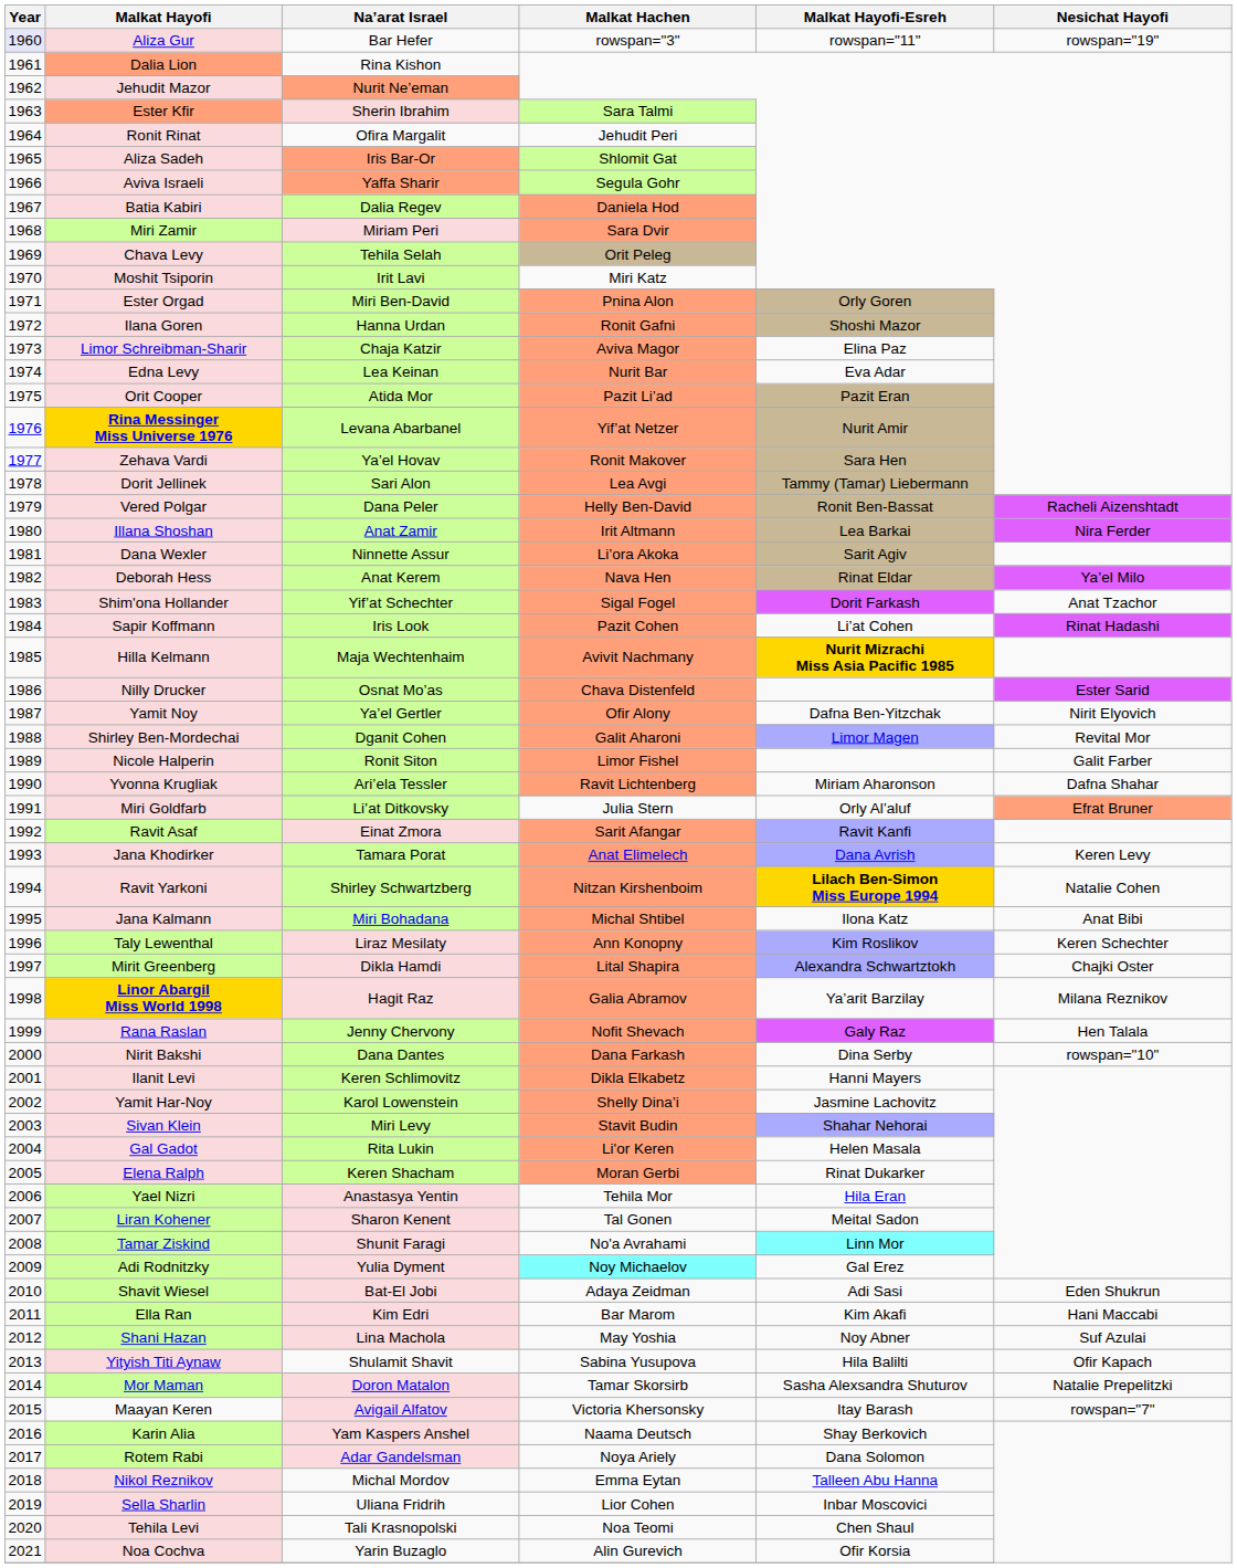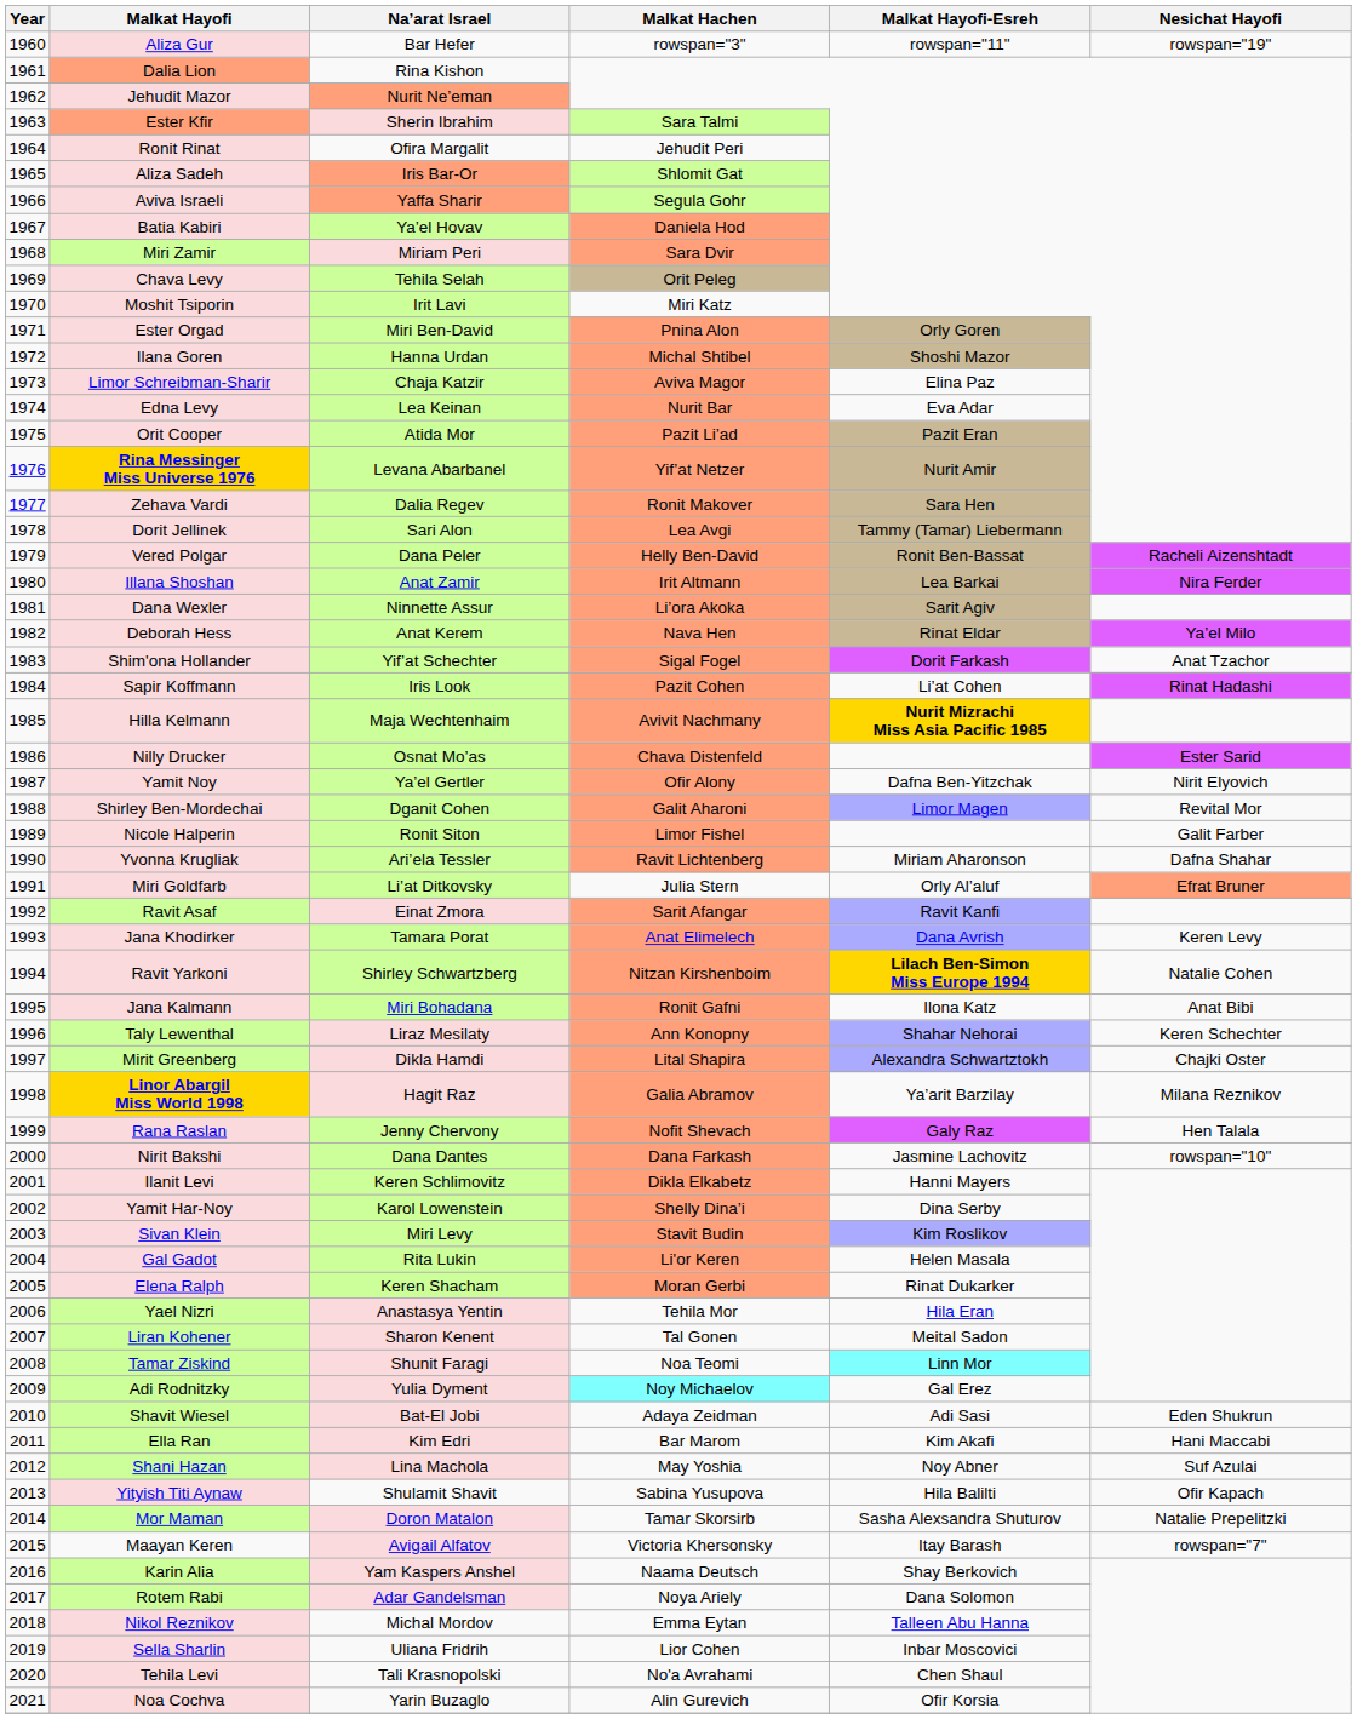 <table class="wikitable sortable" style="font-size:95%; text-align:center;">
 <tr>
 <th !width="60">Year</th>
 <th width="250">Malkat Hayofi</th>
 <th width="250">Na’arat Israel</th>
 <th width="250">Malkat Hachen</th>
 <th width="250">Malkat Hayofi-Esreh</th>
 <th width="250">Nesichat Hayofi</th>
 </tr>
 <tr>
-<td style="background: lavender;">1960</td>
+<td>1960</td>
 <td style="background:#fadadd;"><a href='#'>Aliza Gur</a></td>
 <td>Bar Hefer</td>
 <td>rowspan="3" </td>
 <td>rowspan="11" </td>
 <td>rowspan="19" </td>
 </tr>
 <tr>
 <td>1961</td>
 <td style="background:#FFA07A;">Dalia Lion</td>
 <td>Rina Kishon</td>
 </tr>
 <tr>
 <td>1962</td>
 <td style="background:#fadadd;">Jehudit Mazor</td>
 <td style="background:#FFA07A;">Nurit Ne’eman</td>
 </tr>
 <tr>
 <td>1963</td>
 <td style="background:#FFA07A;">Ester Kfir</td>
 <td style="background:#fadadd;">Sherin Ibrahim</td>
 <td style="background:#ccff99;">Sara Talmi</td>
 </tr>
 <tr>
 <td>1964</td>
 <td style="background:#fadadd;">Ronit Rinat</td>
 <td>Ofira Margalit</td>
 <td>Jehudit Peri</td>
 </tr>
 <tr>
 <td>1965</td>
 <td style="background:#fadadd;">Aliza Sadeh</td>
 <td style="background:#FFA07A;">Iris Bar-Or</td>
 <td style="background:#ccff99;">Shlomit Gat</td>
 </tr>
 <tr>
 <td>1966</td>
 <td style="background:#fadadd;">Aviva Israeli</td>
 <td style="background:#FFA07A;">Yaffa Sharir</td>
 <td style="background:#ccff99;">Segula Gohr</td>
 </tr>
 <tr>
 <td>1967</td>
 <td style="background:#fadadd;">Batia Kabiri</td>
-<td style="background:#ccff99;">Dalia Regev</td>
+<td style="background:#ccff99;">Ya’el Hovav</td>
 <td style="background:#FFA07A;">Daniela Hod</td>
 </tr>
 <tr>
 <td>1968</td>
 <td style="background:#ccff99;">Miri Zamir</td>
 <td style="background:#fadadd;">Miriam Peri</td>
 <td style="background:#FFA07A;">Sara Dvir</td>
 </tr>
 <tr>
 <td>1969</td>
 <td style="background:#fadadd;">Chava Levy</td>
 <td style="background:#ccff99;">Tehila Selah</td>
 <td style="background:#c8b896;">Orit Peleg</td>
 </tr>
 <tr>
 <td>1970</td>
 <td style="background:#fadadd;">Moshit Tsiporin</td>
 <td style="background:#ccff99;">Irit Lavi</td>
 <td>Miri Katz</td>
 </tr>
 <tr>
 <td>1971</td>
 <td style="background:#fadadd;">Ester Orgad</td>
 <td style="background:#ccff99;">Miri Ben-David</td>
 <td style="background:#FFA07A;">Pnina Alon</td>
 <td style="background:#c8b896;">Orly Goren</td>
 </tr>
 <tr>
 <td>1972</td>
 <td style="background:#fadadd;">Ilana Goren</td>
 <td style="background:#ccff99;">Hanna Urdan</td>
-<td style="background:#FFA07A;">Ronit Gafni</td>
+<td style="background:#FFA07A;">Michal Shtibel</td>
 <td style="background:#c8b896;">Shoshi Mazor</td>
 </tr>
 <tr>
 <td>1973</td>
 <td style="background:#fadadd;"><a href='#'>Limor Schreibman-Sharir</a></td>
 <td style="background:#ccff99;">Chaja Katzir</td>
 <td style="background:#FFA07A;">Aviva Magor</td>
 <td>Elina Paz</td>
 </tr>
 <tr>
 <td>1974</td>
 <td style="background:#fadadd;">Edna Levy</td>
 <td style="background:#ccff99;">Lea Keinan</td>
 <td style="background:#FFA07A;">Nurit Bar</td>
 <td>Eva Adar</td>
 </tr>
 <tr>
 <td>1975</td>
 <td style="background:#fadadd;">Orit Cooper</td>
 <td style="background:#ccff99;">Atida Mor</td>
 <td style="background:#FFA07A;">Pazit Li’ad</td>
 <td style="background:#c8b896;">Pazit Eran</td>
 </tr>
 <tr>
 <td><a href='#'>1976</a></td>
 <td style="background:GOLD;"><strong><a href='#'>Rina Messinger</a><br><a href='#'>Miss Universe 1976</a></strong></td>
 <td style="background:#ccff99;">Levana Abarbanel</td>
 <td style="background:#FFA07A;">Yif’at Netzer</td>
 <td style="background:#c8b896;">Nurit Amir</td>
 </tr>
 <tr>
 <td><a href='#'>1977</a></td>
 <td style="background:#fadadd;">Zehava Vardi</td>
-<td style="background:#ccff99;">Ya’el Hovav</td>
+<td style="background:#ccff99;">Dalia Regev</td>
 <td style="background:#FFA07A;">Ronit Makover</td>
 <td style="background:#c8b896;">Sara Hen</td>
 </tr>
 <tr>
 <td>1978</td>
 <td style="background:#fadadd;">Dorit Jellinek</td>
 <td style="background:#ccff99;">Sari Alon</td>
 <td style="background:#FFA07A;">Lea Avgi</td>
 <td style="background:#c8b896;">Tammy (Tamar) Liebermann</td>
 </tr>
 <tr>
 <td>1979</td>
 <td style="background:#fadadd;">Vered Polgar</td>
 <td style="background:#ccff99;">Dana Peler</td>
 <td style="background:#FFA07A;">Helly Ben-David</td>
 <td style="background:#c8b896;">Ronit Ben-Bassat</td>
 <td style="background:#df5fff;">Racheli Aizenshtadt</td>
 </tr>
 <tr>
 <td>1980</td>
 <td style="background:#fadadd;"><a href='#'>Illana Shoshan</a></td>
 <td style="background:#ccff99;"><a href='#'>Anat Zamir</a></td>
 <td style="background:#FFA07A;">Irit Altmann</td>
 <td style="background:#c8b896;">Lea Barkai</td>
 <td style="background:#df5fff;">Nira Ferder</td>
 </tr>
 <tr>
 <td>1981</td>
 <td style="background:#fadadd;">Dana Wexler</td>
 <td style="background:#ccff99;">Ninnette Assur</td>
 <td style="background:#FFA07A;">Li’ora Akoka</td>
 <td style="background:#c8b896;">Sarit Agiv</td>
 <td></td>
 </tr>
 <tr>
 <td>1982</td>
 <td style="background:#fadadd;">Deborah Hess</td>
 <td style="background:#ccff99;">Anat Kerem</td>
 <td style="background:#FFA07A;">Nava Hen</td>
 <td style="background:#c8b896;">Rinat Eldar</td>
 <td style="background:#df5fff;">Ya’el Milo</td>
 </tr>
 <tr>
 <td>1983</td>
 <td style="background:#fadadd;">Shim'ona Hollander</td>
 <td style="background:#ccff99;">Yif’at Schechter</td>
 <td style="background:#FFA07A;">Sigal Fogel</td>
 <td style="background:#df5fff;">Dorit Farkash</td>
 <td>Anat Tzachor</td>
 </tr>
 <tr>
 <td>1984</td>
 <td style="background:#fadadd;">Sapir Koffmann</td>
 <td style="background:#ccff99;">Iris Look</td>
 <td style="background:#FFA07A;">Pazit Cohen</td>
 <td>Li’at Cohen</td>
 <td style="background:#df5fff;">Rinat Hadashi</td>
 </tr>
 <tr>
 <td>1985</td>
 <td style="background:#fadadd;">Hilla Kelmann</td>
 <td style="background:#ccff99;">Maja Wechtenhaim</td>
 <td style="background:#FFA07A;">Avivit Nachmany</td>
 <td style="background:GOLD;"><strong>Nurit Mizrachi<br>Miss Asia Pacific 1985</strong></td>
 <td></td>
 </tr>
 <tr>
 <td>1986</td>
 <td style="background:#fadadd;">Nilly Drucker</td>
 <td style="background:#ccff99;">Osnat Mo’as</td>
 <td style="background:#FFA07A;">Chava Distenfeld</td>
 <td></td>
 <td style="background:#df5fff;">Ester Sarid</td>
 </tr>
 <tr>
 <td>1987</td>
 <td style="background:#fadadd;">Yamit Noy</td>
 <td style="background:#ccff99;">Ya’el Gertler</td>
 <td style="background:#FFA07A;">Ofir Alony</td>
 <td>Dafna Ben-Yitzchak</td>
 <td>Nirit Elyovich</td>
 </tr>
 <tr>
 <td>1988</td>
 <td style="background:#fadadd;">Shirley Ben-Mordechai</td>
 <td style="background:#ccff99;">Dganit Cohen</td>
 <td style="background:#FFA07A;">Galit Aharoni</td>
 <td style="background:#AAAAFF;"><a href='#'>Limor Magen</a></td>
 <td>Revital Mor</td>
 </tr>
 <tr>
 <td>1989</td>
 <td style="background:#fadadd;">Nicole Halperin</td>
 <td style="background:#ccff99;">Ronit Siton</td>
 <td style="background:#FFA07A;">Limor Fishel</td>
 <td></td>
 <td>Galit Farber</td>
 </tr>
 <tr>
 <td>1990</td>
 <td style="background:#fadadd;">Yvonna Krugliak</td>
 <td style="background:#ccff99;">Ari’ela Tessler</td>
 <td style="background:#FFA07A;">Ravit Lichtenberg</td>
 <td>Miriam Aharonson</td>
 <td>Dafna Shahar</td>
 </tr>
 <tr>
 <td>1991</td>
 <td style="background:#fadadd;">Miri Goldfarb</td>
 <td style="background:#ccff99;">Li’at Ditkovsky</td>
 <td>Julia Stern</td>
 <td>Orly Al’aluf</td>
 <td style="background:#FFA07A;">Efrat Bruner</td>
 </tr>
 <tr>
 <td>1992</td>
 <td style="background:#ccff99;">Ravit Asaf</td>
 <td style="background:#fadadd;">Einat Zmora</td>
 <td style="background:#FFA07A;">Sarit Afangar</td>
 <td style="background:#AAAAFF;">Ravit Kanfi</td>
 <td></td>
 </tr>
 <tr>
 <td>1993</td>
 <td style="background:#fadadd;">Jana Khodirker</td>
 <td style="background:#ccff99;">Tamara Porat</td>
 <td style="background:#FFA07A;"><a href='#'>Anat Elimelech</a></td>
 <td style="background:#AAAAFF;"><a href='#'>Dana Avrish</a></td>
 <td>Keren Levy</td>
 </tr>
 <tr>
 <td>1994</td>
 <td style="background:#fadadd;">Ravit Yarkoni</td>
 <td style="background:#ccff99;">Shirley Schwartzberg</td>
 <td style="background:#FFA07A;">Nitzan Kirshenboim</td>
 <td style="background:GOLD;"><strong>Lilach Ben-Simon<br><a href='#'>Miss Europe 1994</a></strong></td>
 <td>Natalie Cohen</td>
 </tr>
 <tr>
 <td>1995</td>
 <td style="background:#fadadd;">Jana Kalmann</td>
 <td style="background:#ccff99;"><a href='#'>Miri Bohadana</a></td>
-<td style="background:#FFA07A;">Michal Shtibel</td>
+<td style="background:#FFA07A;">Ronit Gafni</td>
 <td>Ilona Katz</td>
 <td>Anat Bibi</td>
 </tr>
 <tr>
 <td>1996</td>
 <td style="background:#ccff99;">Taly Lewenthal</td>
 <td style="background:#fadadd;">Liraz Mesilaty</td>
 <td style="background:#FFA07A;">Ann Konopny</td>
-<td style="background:#AAAAFF;">Kim Roslikov</td>
+<td style="background:#AAAAFF;">Shahar Nehorai</td>
 <td>Keren Schechter</td>
 </tr>
 <tr>
 <td>1997</td>
 <td style="background:#ccff99;">Mirit Greenberg</td>
 <td style="background:#fadadd;">Dikla Hamdi</td>
 <td style="background:#FFA07A;">Lital Shapira</td>
 <td style="background:#AAAAFF;">Alexandra Schwartztokh</td>
 <td>Chajki Oster</td>
 </tr>
 <tr>
 <td>1998</td>
 <td style="background:GOLD;"><strong><a href='#'>Linor Abargil</a><br><a href='#'>Miss World 1998</a></strong></td>
 <td style="background:#fadadd;">Hagit Raz</td>
 <td style="background:#FFA07A;">Galia Abramov</td>
 <td>Ya’arit Barzilay</td>
 <td>Milana Reznikov</td>
 </tr>
 <tr>
 <td>1999</td>
 <td style="background:#fadadd;"><a href='#'>Rana Raslan</a></td>
 <td style="background:#ccff99;">Jenny Chervony</td>
 <td style="background:#FFA07A;">Nofit Shevach</td>
 <td style="background:#df5fff;">Galy Raz</td>
 <td>Hen Talala</td>
 </tr>
 <tr>
 <td>2000</td>
 <td style="background:#fadadd;">Nirit Bakshi</td>
 <td style="background:#ccff99;">Dana Dantes</td>
 <td style="background:#FFA07A;">Dana Farkash</td>
-<td>Dina Serby</td>
+<td>Jasmine Lachovitz</td>
 <td>rowspan="10" </td>
 </tr>
 <tr>
 <td>2001</td>
 <td style="background:#fadadd;">Ilanit Levi</td>
 <td style="background:#ccff99;">Keren Schlimovitz</td>
 <td style="background:#FFA07A;">Dikla Elkabetz</td>
 <td>Hanni Mayers</td>
 </tr>
 <tr>
 <td>2002</td>
 <td style="background:#fadadd;">Yamit Har-Noy</td>
 <td style="background:#ccff99;">Karol Lowenstein</td>
 <td style="background:#FFA07A;">Shelly Dina’i</td>
-<td>Jasmine Lachovitz</td>
+<td>Dina Serby</td>
 </tr>
 <tr>
 <td>2003</td>
 <td style="background:#fadadd;"><a href='#'>Sivan Klein</a></td>
 <td style="background:#ccff99;">Miri Levy</td>
 <td style="background:#FFA07A;">Stavit Budin</td>
-<td style="background:#AAAAFF;">Shahar Nehorai</td>
+<td style="background:#AAAAFF;">Kim Roslikov</td>
 </tr>
 <tr>
 <td>2004</td>
 <td style="background:#fadadd;"><a href='#'>Gal Gadot</a></td>
 <td style="background:#ccff99;">Rita Lukin</td>
 <td style="background:#FFA07A;">Li'or Keren</td>
 <td>Helen Masala</td>
 </tr>
 <tr>
 <td>2005</td>
 <td style="background:#fadadd;"><a href='#'>Elena Ralph</a></td>
 <td style="background:#ccff99;">Keren Shacham</td>
 <td style="background:#FFA07A;">Moran Gerbi</td>
 <td>Rinat Dukarker</td>
 </tr>
 <tr>
 <td>2006</td>
 <td style="background:#ccff99;">Yael Nizri</td>
 <td style="background:#fadadd;">Anastasya Yentin</td>
 <td>Tehila Mor</td>
 <td><a href='#'>Hila Eran</a></td>
 </tr>
 <tr>
 <td>2007</td>
 <td style="background:#ccff99;"><a href='#'>Liran Kohener</a></td>
 <td style="background:#fadadd;">Sharon Kenent</td>
 <td>Tal Gonen</td>
 <td>Meital Sadon</td>
 </tr>
 <tr>
 <td>2008</td>
 <td style="background:#ccff99;"><a href='#'>Tamar Ziskind</a></td>
 <td style="background:#fadadd;">Shunit Faragi</td>
-<td>No'a Avrahami</td>
+<td>Noa Teomi</td>
 <td style="background:#80FFFF;">Linn Mor</td>
 </tr>
 <tr>
 <td>2009</td>
 <td style="background:#ccff99;">Adi Rodnitzky</td>
 <td style="background:#fadadd;">Yulia Dyment</td>
 <td style="background:#80FFFF;">Noy Michaelov</td>
 <td>Gal Erez</td>
 </tr>
 <tr>
 <td>2010</td>
 <td style="background:#ccff99;">Shavit Wiesel</td>
 <td style="background:#fadadd;">Bat-El Jobi</td>
 <td>Adaya Zeidman</td>
 <td>Adi Sasi</td>
 <td>Eden Shukrun</td>
 </tr>
 <tr>
 <td>2011</td>
 <td style="background:#ccff99;">Ella Ran</td>
 <td style="background:#fadadd;">Kim Edri</td>
 <td>Bar Marom</td>
 <td>Kim Akafi</td>
 <td>Hani Maccabi</td>
 </tr>
 <tr>
 <td>2012</td>
 <td style="background:#ccff99;"><a href='#'>Shani Hazan</a></td>
 <td style="background:#fadadd;">Lina Machola</td>
 <td>May Yoshia</td>
 <td>Noy Abner</td>
 <td>Suf Azulai</td>
 </tr>
 <tr>
 <td>2013</td>
 <td style="background:#fadadd;"><a href='#'>Yityish Titi Aynaw</a></td>
 <td>Shulamit Shavit</td>
 <td>Sabina Yusupova</td>
 <td>Hila Balilti</td>
 <td>Ofir Kapach</td>
 </tr>
 <tr>
 <td>2014</td>
 <td style="background:#ccff99;"><a href='#'>Mor Maman</a></td>
 <td style="background:#fadadd;"><a href='#'>Doron Matalon</a></td>
 <td>Tamar Skorsirb</td>
 <td>Sasha Alexsandra Shuturov</td>
 <td>Natalie Prepelitzki</td>
 </tr>
 <tr>
 <td>2015</td>
 <td>Maayan Keren</td>
 <td style="background:#fadadd;"><a href='#'>Avigail Alfatov</a></td>
 <td>Victoria Khersonsky</td>
 <td>Itay Barash</td>
 <td>rowspan="7" </td>
 </tr>
 <tr>
 <td>2016</td>
 <td style="background:#ccff99;">Karin Alia</td>
 <td style="background:#fadadd;">Yam Kaspers Anshel</td>
 <td>Naama Deutsch</td>
 <td>Shay Berkovich</td>
 </tr>
 <tr>
 <td>2017</td>
 <td style="background:#ccff99;">Rotem Rabi</td>
 <td style="background:#fadadd;"><a href='#'>Adar Gandelsman</a></td>
 <td>Noya Ariely</td>
 <td>Dana Solomon</td>
 </tr>
 <tr>
 <td>2018</td>
 <td style="background:#fadadd;"><a href='#'>Nikol Reznikov</a></td>
 <td>Michal Mordov</td>
 <td>Emma Eytan</td>
 <td><a href='#'>Talleen Abu Hanna</a></td>
 </tr>
 <tr>
 <td>2019</td>
 <td style="background:#fadadd;"><a href='#'>Sella Sharlin</a></td>
 <td>Uliana Fridrih</td>
 <td>Lior Cohen</td>
 <td>Inbar Moscovici</td>
 </tr>
 <tr>
 <td>2020</td>
 <td style="background:#fadadd;">Tehila Levi</td>
 <td>Tali Krasnopolski</td>
-<td>Noa Teomi</td>
+<td>No'a Avrahami</td>
 <td>Chen Shaul</td>
 </tr>
 <tr>
 <td>2021</td>
 <td style="background:#fadadd;">Noa Cochva</td>
 <td>Yarin Buzaglo</td>
 <td>Alin Gurevich</td>
 <td>Ofir Korsia</td>
 </tr>
 <tr>
 </tr>
 </table>
